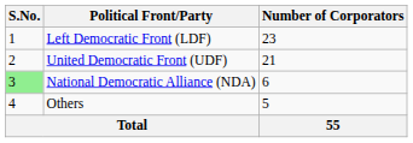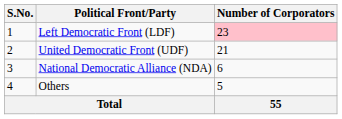 <table class="sortable wikitable">
 <tr>
 <th>S.No.</th>
 <th>Political Front/Party</th>
 <th>Number of Corporators</th>
 </tr>
 <tr>
 <td>1</td>
 <td><a href='#'>Left Democratic Front</a> (LDF)</td>
-<td>23</td>
+<td style="background: pink;">23</td>
 </tr>
 <tr>
 <td>2</td>
 <td><a href='#'>United Democratic Front</a> (UDF)</td>
 <td>21</td>
 </tr>
 <tr>
-<td style="background: lightgreen;">3</td>
+<td>3</td>
 <td><a href='#'>National Democratic Alliance</a> (NDA)</td>
 <td>6</td>
 </tr>
 <tr>
 <td>4</td>
 <td>Others</td>
 <td>5</td>
 </tr>
 <tr>
 <th colspan="2">Total</th>
 <th>55</th>
 </tr>
 </table>
